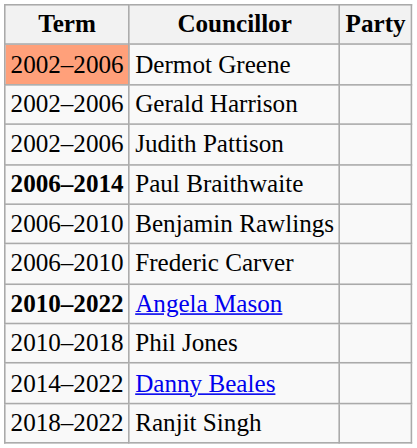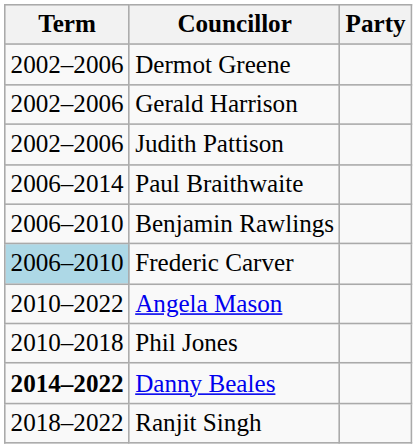 <table class="wikitable">
 <tr>
 <th>Term</th>
 <th>Councillor</th>
 <th colspan=2>Party</th>
 </tr>
 <tr>
-<td style="background: lightsalmon;">2002–2006</td>
+<td>2002–2006</td>
 <td>Dermot Greene</td>
 <td></td>
 </tr>
 <tr>
 <td>2002–2006</td>
 <td>Gerald Harrison</td>
 <td></td>
 </tr>
 <tr>
 <td>2002–2006</td>
 <td>Judith Pattison</td>
 <td></td>
 </tr>
 <tr>
-<td><strong>2006–2014</strong></td>
+<td>2006–2014</td>
 <td>Paul Braithwaite</td>
 <td></td>
 </tr>
 <tr>
 <td>2006–2010</td>
 <td>Benjamin Rawlings</td>
 <td></td>
 </tr>
 <tr>
-<td>2006–2010</td>
+<td style="background: lightblue;">2006–2010</td>
 <td>Frederic Carver</td>
 <td></td>
 </tr>
 <tr>
-<td><strong>2010–2022</strong></td>
+<td>2010–2022</td>
 <td><a href='#'>Angela Mason</a></td>
 <td></td>
 </tr>
 <tr>
 <td>2010–2018</td>
 <td>Phil Jones</td>
 <td></td>
 </tr>
 <tr>
-<td>2014–2022</td>
+<td><strong>2014–2022</strong></td>
 <td><a href='#'>Danny Beales</a></td>
 <td></td>
 </tr>
 <tr>
 <td>2018–2022</td>
 <td>Ranjit Singh</td>
 <td></td>
 </tr>
 </table>
